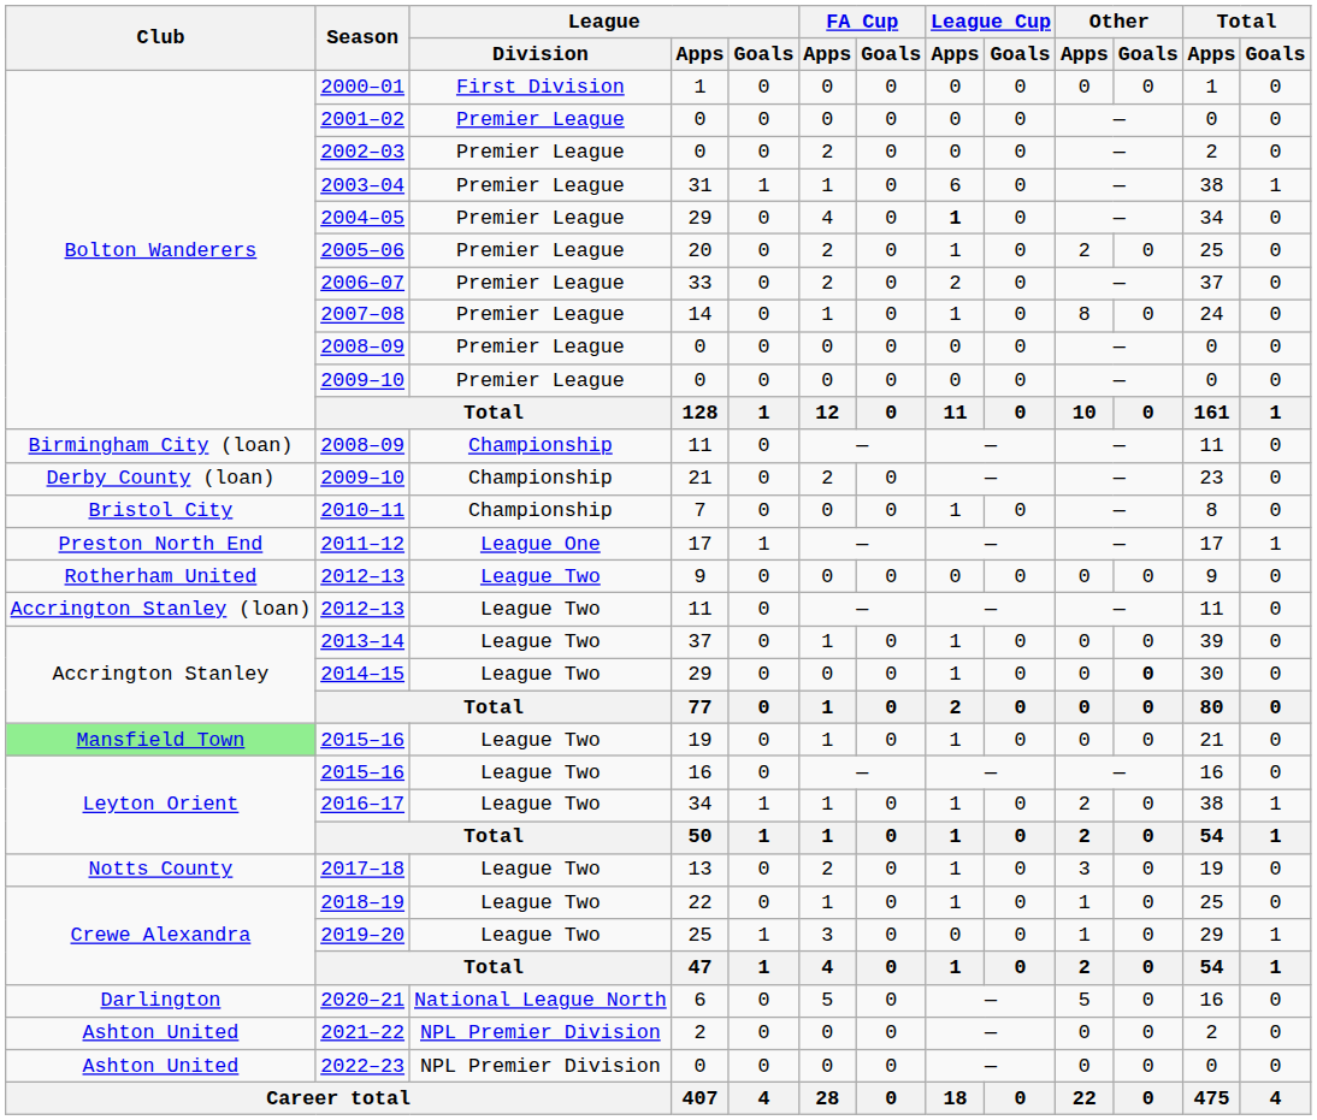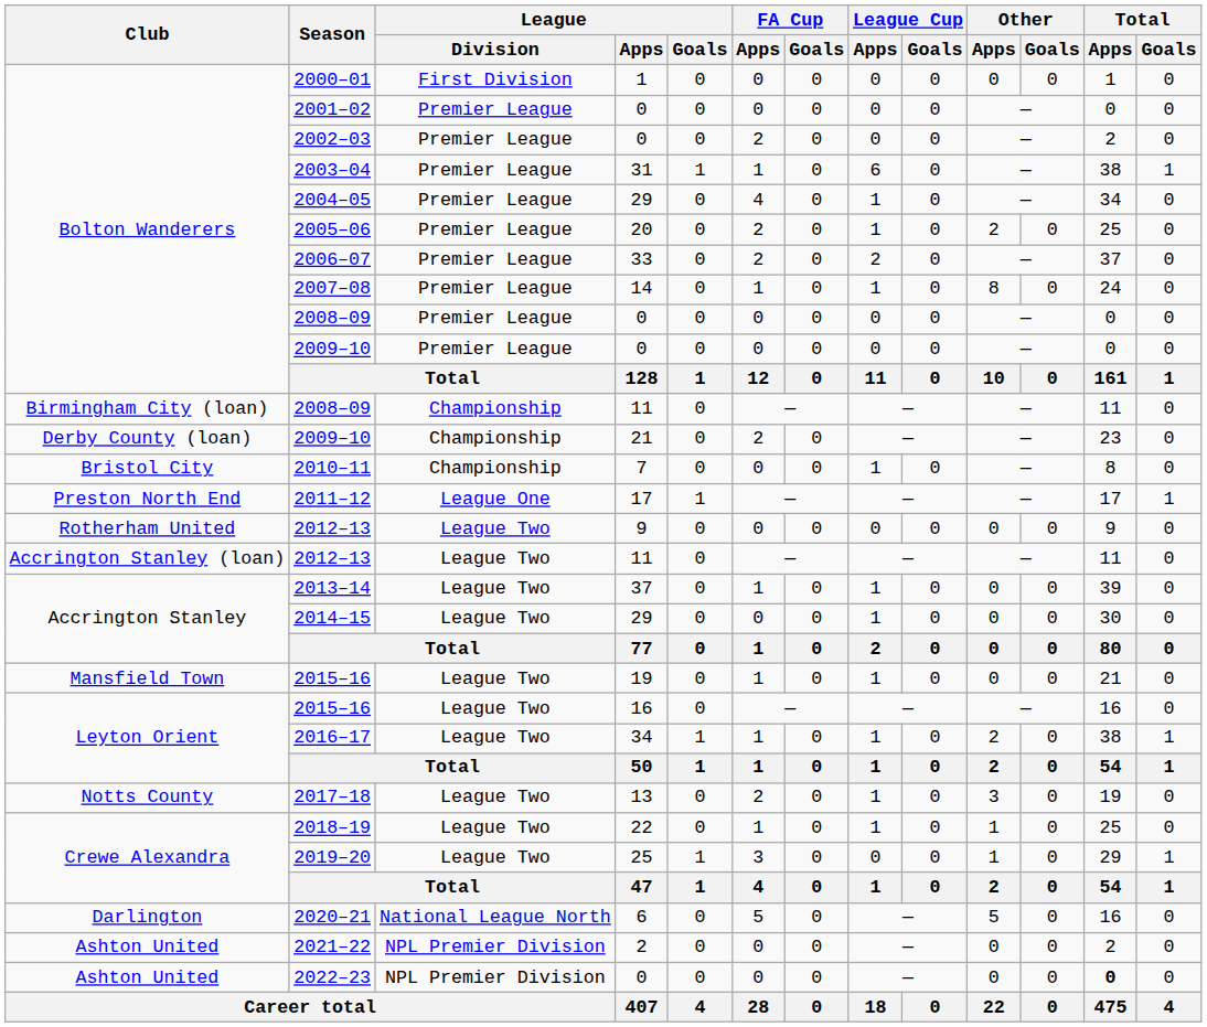 <table class="wikitable" style="text-align:center">
 <tr>
 <th rowspan=2>Club</th>
 <th rowspan=2>Season</th>
 <th colspan=3>League</th>
 <th colspan=2><a href='#'>FA Cup</a></th>
 <th colspan=2><a href='#'>League Cup</a></th>
 <th colspan=2>Other</th>
 <th colspan=2>Total</th>
 </tr>
 <tr>
 <th>Division</th>
 <th>Apps</th>
 <th>Goals</th>
 <th>Apps</th>
 <th>Goals</th>
 <th>Apps</th>
 <th>Goals</th>
 <th>Apps</th>
 <th>Goals</th>
 <th>Apps</th>
 <th>Goals</th>
 </tr>
 <tr>
 <td rowspan=11><a href='#'>Bolton Wanderers</a></td>
 <td><a href='#'>2000–01</a></td>
 <td><a href='#'>First Division</a></td>
 <td>1</td>
 <td>0</td>
 <td>0</td>
 <td>0</td>
 <td>0</td>
 <td>0</td>
 <td>0</td>
 <td>0</td>
 <td>1</td>
 <td>0</td>
 </tr>
 <tr>
 <td><a href='#'>2001–02</a></td>
 <td><a href='#'>Premier League</a></td>
 <td>0</td>
 <td>0</td>
 <td>0</td>
 <td>0</td>
 <td>0</td>
 <td>0</td>
 <td colspan=2>—</td>
 <td>0</td>
 <td>0</td>
 </tr>
 <tr>
 <td><a href='#'>2002–03</a></td>
 <td>Premier League</td>
 <td>0</td>
 <td>0</td>
 <td>2</td>
 <td>0</td>
 <td>0</td>
 <td>0</td>
 <td colspan=2>—</td>
 <td>2</td>
 <td>0</td>
 </tr>
 <tr>
 <td><a href='#'>2003–04</a></td>
 <td>Premier League</td>
 <td>31</td>
 <td>1</td>
 <td>1</td>
 <td>0</td>
 <td>6</td>
 <td>0</td>
 <td colspan=2>—</td>
 <td>38</td>
 <td>1</td>
 </tr>
 <tr>
 <td><a href='#'>2004–05</a></td>
 <td>Premier League</td>
 <td>29</td>
 <td>0</td>
 <td>4</td>
 <td>0</td>
-<td><strong>1</strong></td>
+<td>1</td>
 <td>0</td>
 <td colspan=2>—</td>
 <td>34</td>
 <td>0</td>
 </tr>
 <tr>
 <td><a href='#'>2005–06</a></td>
 <td>Premier League</td>
 <td>20</td>
 <td>0</td>
 <td>2</td>
 <td>0</td>
 <td>1</td>
 <td>0</td>
 <td>2</td>
 <td>0</td>
 <td>25</td>
 <td>0</td>
 </tr>
 <tr>
 <td><a href='#'>2006–07</a></td>
 <td>Premier League</td>
 <td>33</td>
 <td>0</td>
 <td>2</td>
 <td>0</td>
 <td>2</td>
 <td>0</td>
 <td colspan=2>—</td>
 <td>37</td>
 <td>0</td>
 </tr>
 <tr>
 <td><a href='#'>2007–08</a></td>
 <td>Premier League</td>
 <td>14</td>
 <td>0</td>
 <td>1</td>
 <td>0</td>
 <td>1</td>
 <td>0</td>
 <td>8</td>
 <td>0</td>
 <td>24</td>
 <td>0</td>
 </tr>
 <tr>
 <td><a href='#'>2008–09</a></td>
 <td>Premier League</td>
 <td>0</td>
 <td>0</td>
 <td>0</td>
 <td>0</td>
 <td>0</td>
 <td>0</td>
 <td colspan=2>—</td>
 <td>0</td>
 <td>0</td>
 </tr>
 <tr>
 <td><a href='#'>2009–10</a></td>
 <td>Premier League</td>
 <td>0</td>
 <td>0</td>
 <td>0</td>
 <td>0</td>
 <td>0</td>
 <td>0</td>
 <td colspan=2>—</td>
 <td>0</td>
 <td>0</td>
 </tr>
 <tr>
 <th colspan=2>Total</th>
 <th>128</th>
 <th>1</th>
 <th>12</th>
 <th>0</th>
 <th>11</th>
 <th>0</th>
 <th>10</th>
 <th>0</th>
 <th>161</th>
 <th>1</th>
 </tr>
 <tr>
 <td><a href='#'>Birmingham City</a> (loan)</td>
 <td><a href='#'>2008–09</a></td>
 <td><a href='#'>Championship</a></td>
 <td>11</td>
 <td>0</td>
 <td colspan=2>—</td>
 <td colspan=2>—</td>
 <td colspan=2>—</td>
 <td>11</td>
 <td>0</td>
 </tr>
 <tr>
 <td><a href='#'>Derby County</a> (loan)</td>
 <td><a href='#'>2009–10</a></td>
 <td>Championship</td>
 <td>21</td>
 <td>0</td>
 <td>2</td>
 <td>0</td>
 <td colspan=2>—</td>
 <td colspan=2>—</td>
 <td>23</td>
 <td>0</td>
 </tr>
 <tr>
 <td><a href='#'>Bristol City</a></td>
 <td><a href='#'>2010–11</a></td>
 <td>Championship</td>
 <td>7</td>
 <td>0</td>
 <td>0</td>
 <td>0</td>
 <td>1</td>
 <td>0</td>
 <td colspan=2>—</td>
 <td>8</td>
 <td>0</td>
 </tr>
 <tr>
 <td><a href='#'>Preston North End</a></td>
 <td><a href='#'>2011–12</a></td>
 <td><a href='#'>League One</a></td>
 <td>17</td>
 <td>1</td>
 <td colspan=2>—</td>
 <td colspan=2>—</td>
 <td colspan=2>—</td>
 <td>17</td>
 <td>1</td>
 </tr>
 <tr>
 <td><a href='#'>Rotherham United</a></td>
 <td><a href='#'>2012–13</a></td>
 <td><a href='#'>League Two</a></td>
 <td>9</td>
 <td>0</td>
 <td>0</td>
 <td>0</td>
 <td>0</td>
 <td>0</td>
 <td>0</td>
 <td>0</td>
 <td>9</td>
 <td>0</td>
 </tr>
 <tr>
 <td><a href='#'>Accrington Stanley</a> (loan)</td>
 <td><a href='#'>2012–13</a></td>
 <td>League Two</td>
 <td>11</td>
 <td>0</td>
 <td colspan=2>—</td>
 <td colspan=2>—</td>
 <td colspan=2>—</td>
 <td>11</td>
 <td>0</td>
 </tr>
 <tr>
 <td rowspan=3>Accrington Stanley</td>
 <td><a href='#'>2013–14</a></td>
 <td>League Two</td>
 <td>37</td>
 <td>0</td>
 <td>1</td>
 <td>0</td>
 <td>1</td>
 <td>0</td>
 <td>0</td>
 <td>0</td>
 <td>39</td>
 <td>0</td>
 </tr>
 <tr>
 <td><a href='#'>2014–15</a></td>
 <td>League Two</td>
 <td>29</td>
 <td>0</td>
 <td>0</td>
 <td>0</td>
 <td>1</td>
 <td>0</td>
 <td>0</td>
-<td><strong>0</strong></td>
+<td>0</td>
 <td>30</td>
 <td>0</td>
 </tr>
 <tr>
 <th colspan=2>Total</th>
 <th>77</th>
 <th>0</th>
 <th>1</th>
 <th>0</th>
 <th>2</th>
 <th>0</th>
 <th>0</th>
 <th>0</th>
 <th>80</th>
 <th>0</th>
 </tr>
 <tr>
-<td style="background: lightgreen;"><a href='#'>Mansfield Town</a></td>
+<td><a href='#'>Mansfield Town</a></td>
 <td><a href='#'>2015–16</a></td>
 <td>League Two</td>
 <td>19</td>
 <td>0</td>
 <td>1</td>
 <td>0</td>
 <td>1</td>
 <td>0</td>
 <td>0</td>
 <td>0</td>
 <td>21</td>
 <td>0</td>
 </tr>
 <tr>
 <td rowspan=3><a href='#'>Leyton Orient</a></td>
 <td><a href='#'>2015–16</a></td>
 <td>League Two</td>
 <td>16</td>
 <td>0</td>
 <td colspan=2>—</td>
 <td colspan=2>—</td>
 <td colspan=2>—</td>
 <td>16</td>
 <td>0</td>
 </tr>
 <tr>
 <td><a href='#'>2016–17</a></td>
 <td>League Two</td>
 <td>34</td>
 <td>1</td>
 <td>1</td>
 <td>0</td>
 <td>1</td>
 <td>0</td>
 <td>2</td>
 <td>0</td>
 <td>38</td>
 <td>1</td>
 </tr>
 <tr>
 <th colspan=2>Total</th>
 <th>50</th>
 <th>1</th>
 <th>1</th>
 <th>0</th>
 <th>1</th>
 <th>0</th>
 <th>2</th>
 <th>0</th>
 <th>54</th>
 <th>1</th>
 </tr>
 <tr>
 <td><a href='#'>Notts County</a></td>
 <td><a href='#'>2017–18</a></td>
 <td>League Two</td>
 <td>13</td>
 <td>0</td>
 <td>2</td>
 <td>0</td>
 <td>1</td>
 <td>0</td>
 <td>3</td>
 <td>0</td>
 <td>19</td>
 <td>0</td>
 </tr>
 <tr>
 <td rowspan=3><a href='#'>Crewe Alexandra</a></td>
 <td><a href='#'>2018–19</a></td>
 <td>League Two</td>
 <td>22</td>
 <td>0</td>
 <td>1</td>
 <td>0</td>
 <td>1</td>
 <td>0</td>
 <td>1</td>
 <td>0</td>
 <td>25</td>
 <td>0</td>
 </tr>
 <tr>
 <td><a href='#'>2019–20</a></td>
 <td>League Two</td>
 <td>25</td>
 <td>1</td>
 <td>3</td>
 <td>0</td>
 <td>0</td>
 <td>0</td>
 <td>1</td>
 <td>0</td>
 <td>29</td>
 <td>1</td>
 </tr>
 <tr>
 <th colspan=2>Total</th>
 <th>47</th>
 <th>1</th>
 <th>4</th>
 <th>0</th>
 <th>1</th>
 <th>0</th>
 <th>2</th>
 <th>0</th>
 <th>54</th>
 <th>1</th>
 </tr>
 <tr>
 <td><a href='#'>Darlington</a></td>
 <td><a href='#'>2020–21</a></td>
 <td><a href='#'>National League North</a></td>
 <td>6</td>
 <td>0</td>
 <td>5</td>
 <td>0</td>
 <td colspan=2>—</td>
 <td>5</td>
 <td>0</td>
 <td>16</td>
 <td>0</td>
 </tr>
 <tr>
 <td><a href='#'>Ashton United</a></td>
 <td><a href='#'>2021–22</a></td>
 <td><a href='#'>NPL Premier Division</a></td>
 <td>2</td>
 <td>0</td>
 <td>0</td>
 <td>0</td>
 <td colspan=2>—</td>
 <td>0</td>
 <td>0</td>
 <td>2</td>
 <td>0</td>
 </tr>
 <tr>
 <td><a href='#'>Ashton United</a></td>
 <td><a href='#'>2022–23</a></td>
 <td>NPL Premier Division</td>
 <td>0</td>
 <td>0</td>
 <td>0</td>
 <td>0</td>
 <td colspan=2>—</td>
 <td>0</td>
 <td>0</td>
-<td>0</td>
+<td><strong>0</strong></td>
 <td>0</td>
 </tr>
 <tr>
 <th colspan=3>Career total</th>
 <th>407</th>
 <th>4</th>
 <th>28</th>
 <th>0</th>
 <th>18</th>
 <th>0</th>
 <th>22</th>
 <th>0</th>
 <th>475</th>
 <th>4</th>
 </tr>
 </table>
